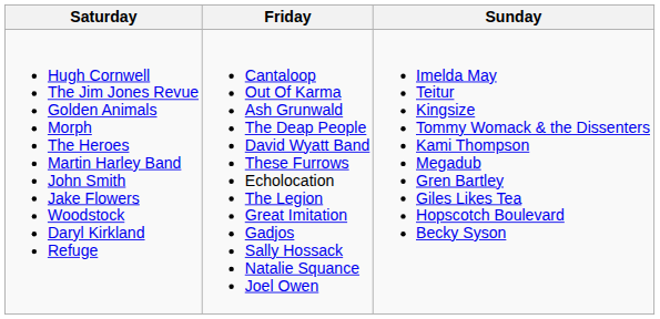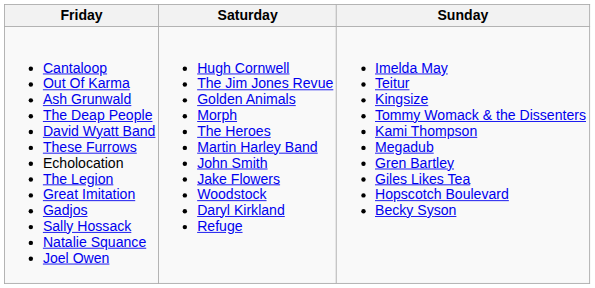 <table class="wikitable">
 <tr>
+<th>Friday</th>
 <th>Saturday</th>
-<th>Friday</th>
 <th>Sunday</th>
 </tr>
 <tr>
+<td valign=top><br><ul><li><a href='#'>Cantaloop</a></li><li><a href='#'>Out Of Karma</a></li><li><a href='#'>Ash Grunwald</a></li><li><a href='#'>The Deap People</a></li><li><a href='#'>David Wyatt Band</a></li><li><a href='#'>These Furrows</a></li><li>Echolocation</li><li><a href='#'>The Legion</a></li><li><a href='#'>Great Imitation</a></li><li><a href='#'>Gadjos</a></li><li><a href='#'>Sally Hossack</a></li><li><a href='#'>Natalie Squance</a></li><li><a href='#'>Joel Owen</a></li></ul></td>
 <td valign=top><br><ul><li><a href='#'>Hugh Cornwell</a></li><li><a href='#'>The Jim Jones Revue</a></li><li><a href='#'>Golden Animals</a></li><li><a href='#'>Morph</a></li><li><a href='#'>The Heroes</a></li><li><a href='#'>Martin Harley Band</a></li><li><a href='#'>John Smith</a></li><li><a href='#'>Jake Flowers</a></li><li><a href='#'>Woodstock</a></li><li><a href='#'>Daryl Kirkland</a></li><li><a href='#'>Refuge</a></li></ul></td>
-<td valign=top><br><ul><li><a href='#'>Cantaloop</a></li><li><a href='#'>Out Of Karma</a></li><li><a href='#'>Ash Grunwald</a></li><li><a href='#'>The Deap People</a></li><li><a href='#'>David Wyatt Band</a></li><li><a href='#'>These Furrows</a></li><li>Echolocation</li><li><a href='#'>The Legion</a></li><li><a href='#'>Great Imitation</a></li><li><a href='#'>Gadjos</a></li><li><a href='#'>Sally Hossack</a></li><li><a href='#'>Natalie Squance</a></li><li><a href='#'>Joel Owen</a></li></ul></td>
 <td valign=top><br><ul><li><a href='#'>Imelda May</a></li><li><a href='#'>Teitur</a></li><li><a href='#'>Kingsize</a></li><li><a href='#'>Tommy Womack & the Dissenters</a></li><li><a href='#'>Kami Thompson</a></li><li><a href='#'>Megadub</a></li><li><a href='#'>Gren Bartley</a></li><li><a href='#'>Giles Likes Tea</a></li><li><a href='#'>Hopscotch Boulevard</a></li><li><a href='#'>Becky Syson</a></li></ul></td>
 </tr>
 </table>
